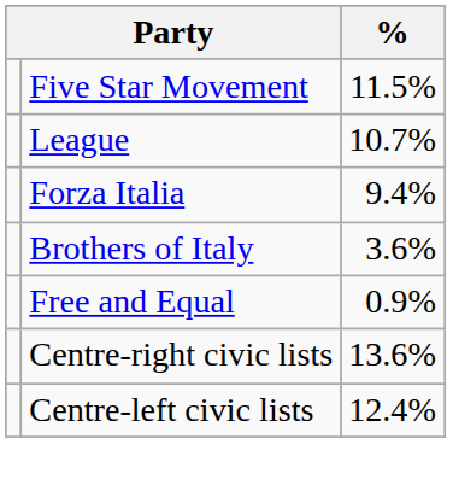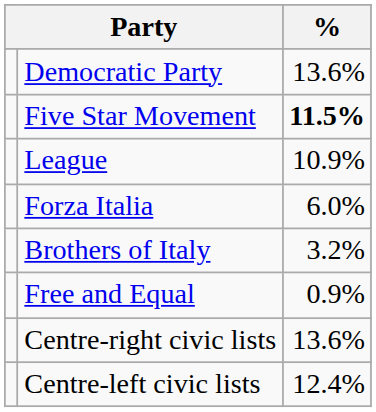 <table class=wikitable style=text-align:left>
 <tr>
 <th colspan="2" style="text-align:center;">Party</th>
 <th valign=top>%</th>
 </tr>
 <tr>
 <td style="color:inherit;background:"></td>
+<td><a href='#'>Democratic Party</a></td>
+<td align=right>13.6%</td>
+</tr>
+<tr>
+<td style="color:inherit;background:"></td>
 <td><a href='#'>Five Star Movement</a></td>
-<td align=right>11.5%</td>
+<td align=right><strong>11.5%</strong></td>
 </tr>
 <tr>
 <td style="color:inherit;background:"></td>
 <td><a href='#'>League</a></td>
-<td align=right>10.7%</td>
+<td align=right>10.9%</td>
 </tr>
 <tr>
 <td style="color:inherit;background:"></td>
 <td><a href='#'>Forza Italia</a></td>
-<td align=right>9.4%</td>
+<td align=right>6.0%</td>
 </tr>
 <tr>
 <td style="color:inherit;background:"></td>
 <td><a href='#'>Brothers of Italy</a></td>
-<td align=right>3.6%</td>
+<td align=right>3.2%</td>
 </tr>
 <tr>
 <td style="color:inherit;background:"></td>
 <td><a href='#'>Free and Equal</a></td>
 <td align=right>0.9%</td>
 </tr>
 <tr>
 <td style="color:inherit;background:"></td>
 <td>Centre-right civic lists</td>
 <td align=right>13.6%</td>
 </tr>
 <tr>
 <td style="color:inherit;background:"></td>
 <td>Centre-left civic lists</td>
 <td align=right>12.4%</td>
 </tr>
 </table>
